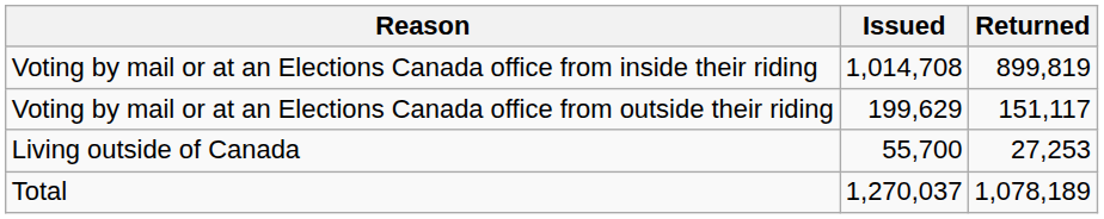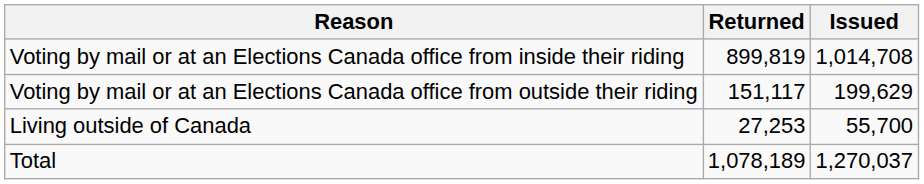 <table class="wikitable" style="text-align:right;">
 <tr>
 <th>Reason</th>
+<th>Returned</th>
 <th>Issued</th>
-<th>Returned</th>
 </tr>
 <tr>
 <td style="text-align:left;">Voting by mail or at an Elections Canada office from inside their riding</td>
+<td>899,819</td>
 <td>1,014,708</td>
-<td>899,819</td>
 </tr>
 <tr>
 <td style="text-align:left;">Voting by mail or at an Elections Canada office from outside their riding</td>
+<td>151,117</td>
 <td>199,629</td>
-<td>151,117</td>
 </tr>
 <tr>
 <td style="text-align:left;">Living outside of Canada</td>
+<td>27,253</td>
 <td>55,700</td>
-<td>27,253</td>
 </tr>
 <tr>
 <td style="text-align:left;">Total</td>
+<td>1,078,189</td>
 <td>1,270,037</td>
-<td>1,078,189</td>
 </tr>
 </table>
